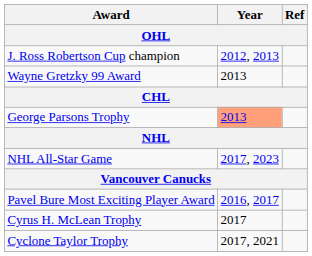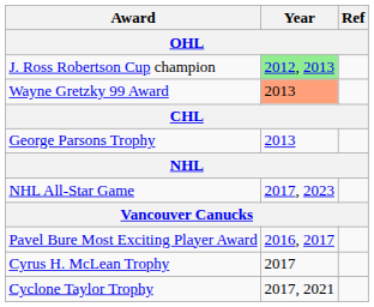 <table class="wikitable">
 <tr>
 <th>Award</th>
 <th>Year</th>
 <th>Ref</th>
 </tr>
 <tr>
 <th colspan="3"><a href='#'>OHL</a></th>
 </tr>
 <tr>
 <td><a href='#'>J. Ross Robertson Cup</a> champion</td>
-<td><a href='#'>2012</a>, <a href='#'>2013</a></td>
+<td style="background: lightgreen;"><a href='#'>2012</a>, <a href='#'>2013</a></td>
 <td></td>
 </tr>
 <tr>
 <td><a href='#'>Wayne Gretzky 99 Award</a></td>
-<td>2013</td>
+<td style="background: lightsalmon;">2013</td>
 <td></td>
 </tr>
 <tr>
 <th colspan="3"><a href='#'>CHL</a></th>
 </tr>
 <tr>
 <td><a href='#'>George Parsons Trophy</a></td>
-<td style="background: lightsalmon;"><a href='#'>2013</a></td>
+<td><a href='#'>2013</a></td>
 <td></td>
 </tr>
 <tr>
 <th colspan="3"><a href='#'>NHL</a></th>
 </tr>
 <tr>
 <td><a href='#'>NHL All-Star Game</a></td>
 <td><a href='#'>2017</a>, <a href='#'>2023</a></td>
 <td></td>
 </tr>
 <tr>
 <th colspan="3"><a href='#'>Vancouver Canucks</a></th>
 </tr>
 <tr>
 <td><a href='#'>Pavel Bure Most Exciting Player Award</a></td>
 <td><a href='#'>2016</a>, <a href='#'>2017</a></td>
 <td></td>
 </tr>
 <tr>
 <td><a href='#'>Cyrus H. McLean Trophy</a></td>
 <td>2017</td>
 <td></td>
 </tr>
 <tr>
 <td><a href='#'>Cyclone Taylor Trophy</a></td>
 <td>2017, 2021</td>
 <td></td>
 </tr>
 </table>
